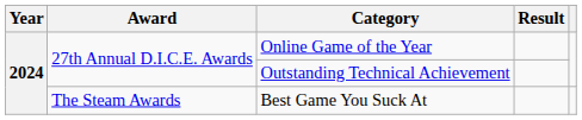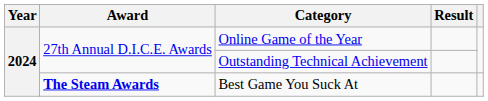 <table class="wikitable sortable plainrowheaders">
 <tr>
 <th scope="col">Year</th>
 <th scope="col">Award</th>
 <th scope="col">Category</th>
 <th scope="col">Result</th>
 <th scope="col" class="unsortable"></th>
 </tr>
 <tr>
 <th scope="row" rowspan="3">2024</th>
 <td rowspan="2"><a href='#'>27th Annual D.I.C.E. Awards</a></td>
 <td><a href='#'>Online Game of the Year</a></td>
 <td></td>
 <td rowspan="2" style="align:center;"></td>
 </tr>
 <tr>
 <td><a href='#'>Outstanding Technical Achievement</a></td>
 <td></td>
 </tr>
 <tr>
-<td><a href='#'>The Steam Awards</a></td>
+<td><strong><a href='#'>The Steam Awards</a></strong></td>
 <td>Best Game You Suck At</td>
 <td></td>
 <td style="text-align:center;"></td>
 </tr>
 </table>
